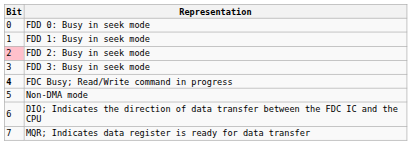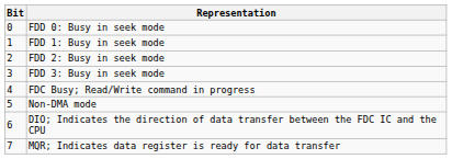 <table class="wikitable">
 <tr>
 <th>Bit</th>
 <th>Representation</th>
 </tr>
 <tr>
 <td>0</td>
 <td>FDD 0: Busy in seek mode</td>
 </tr>
 <tr>
 <td>1</td>
 <td>FDD 1: Busy in seek mode</td>
 </tr>
 <tr>
-<td style="background: pink;">2</td>
+<td>2</td>
 <td>FDD 2: Busy in seek mode</td>
 </tr>
 <tr>
 <td>3</td>
 <td>FDD 3: Busy in seek mode</td>
 </tr>
 <tr>
-<td><strong>4</strong></td>
+<td>4</td>
 <td>FDC Busy; Read/Write command in progress</td>
 </tr>
 <tr>
 <td>5</td>
 <td>Non-DMA mode</td>
 </tr>
 <tr>
 <td>6</td>
 <td>DIO; Indicates the direction of data transfer between the FDC IC and the CPU</td>
 </tr>
 <tr>
 <td>7</td>
 <td>MQR; Indicates data register is ready for data transfer</td>
 </tr>
 </table>
